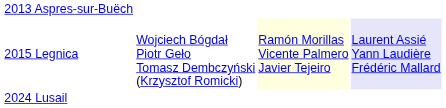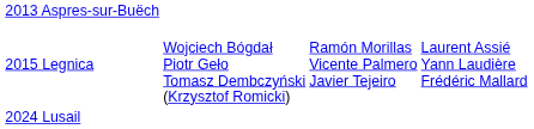 <table>
 <tr>
 <td><a href='#'>2013 Aspres-sur-Buëch</a></td>
 <td></td>
 <td></td>
 <td></td>
 </tr>
 <tr>
 <td><a href='#'>2015 Legnica</a></td>
 <td><br><a href='#'>Wojciech Bógdał</a><br><a href='#'>Piotr Geło</a><br><a href='#'>Tomasz Dembczyński</a><br>(<a href='#'>Krzysztof Romicki</a>)</td>
-<td valign=top style="background: lightyellow;"><br><a href='#'>Ramón Morillas</a><br><a href='#'>Vicente Palmero</a><br><a href='#'>Javier Tejeiro</a></td>
-<td valign=top style="background: lavender;"><br><a href='#'>Laurent Assié</a><br><a href='#'>Yann Laudière</a><br><a href='#'>Frédéric Mallard</a></td>
+<td valign=top><br><a href='#'>Ramón Morillas</a><br><a href='#'>Vicente Palmero</a><br><a href='#'>Javier Tejeiro</a></td>
+<td valign=top><br><a href='#'>Laurent Assié</a><br><a href='#'>Yann Laudière</a><br><a href='#'>Frédéric Mallard</a></td>
 </tr>
 <tr>
 <td><a href='#'>2024 Lusail</a></td>
 <td></td>
 <td></td>
 <td></td>
 </tr>
 </table>
